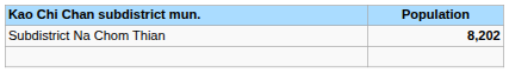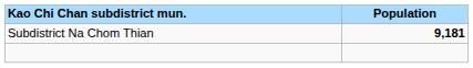 <table class="wikitable" style="width:48%; display:inline-table;">
 <tr>
 <td style= "background: #aadcff;"><strong>Kao Chi Chan subdistrict mun.</strong></td>
 <td style= "background: #aadcff; text-align:center;"><strong>Population</strong></td>
 </tr>
 <tr>
 <td>Subdistrict Na Chom Thian</td>
-<td style="text-align:right;"><strong>8,202</strong></td>
+<td style="text-align:right;"><strong>9,181</strong></td>
 </tr>
 <tr>
 <td> </td>
 <td> </td>
 </tr>
 </table>
